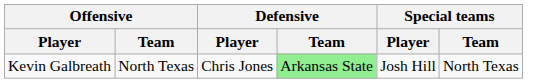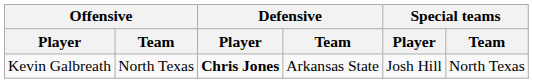 <table class="wikitable">
 <tr>
 <th colspan="2">Offensive</th>
 <th colspan="2">Defensive</th>
 <th colspan="2">Special teams</th>
 </tr>
 <tr>
 <th>Player</th>
 <th>Team</th>
 <th>Player</th>
 <th>Team</th>
 <th>Player</th>
 <th>Team</th>
 </tr>
 <tr>
 <td>Kevin Galbreath</td>
 <td>North Texas</td>
-<td>Chris Jones</td>
-<td style="background: lightgreen;">Arkansas State</td>
+<td><strong>Chris Jones</strong></td>
+<td>Arkansas State</td>
 <td>Josh Hill</td>
 <td>North Texas</td>
 </tr>
 </table>
